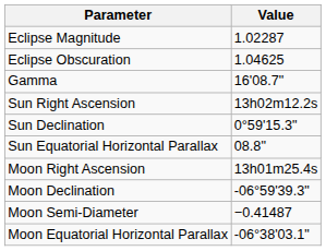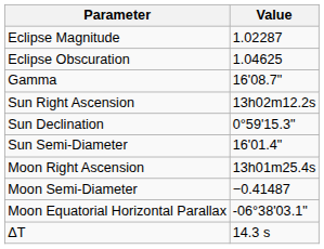 <table class="wikitable">
 <tr>
 <th>Parameter</th>
 <th>Value</th>
 </tr>
 <tr>
 <td>Eclipse Magnitude</td>
 <td>1.02287</td>
 </tr>
 <tr>
 <td>Eclipse Obscuration</td>
 <td>1.04625</td>
 </tr>
 <tr>
 <td>Gamma</td>
 <td>16'08.7"</td>
 </tr>
 <tr>
 <td>Sun Right Ascension</td>
 <td>13h02m12.2s</td>
 </tr>
 <tr>
 <td>Sun Declination</td>
 <td>0°59'15.3"</td>
 </tr>
 <tr>
-<td>Sun Equatorial Horizontal Parallax</td>
-<td>08.8"</td>
+<td>Sun Semi-Diameter</td>
+<td>16'01.4"</td>
 </tr>
 <tr>
 <td>Moon Right Ascension</td>
 <td>13h01m25.4s</td>
-</tr>
-<tr>
-<td>Moon Declination</td>
-<td>-06°59'39.3"</td>
 </tr>
 <tr>
 <td>Moon Semi-Diameter</td>
 <td>−0.41487</td>
 </tr>
 <tr>
 <td>Moon Equatorial Horizontal Parallax</td>
 <td>-06°38'03.1"</td>
 </tr>
+<tr>
+<td>ΔT</td>
+<td>14.3 s</td>
+</tr>
 </table>
